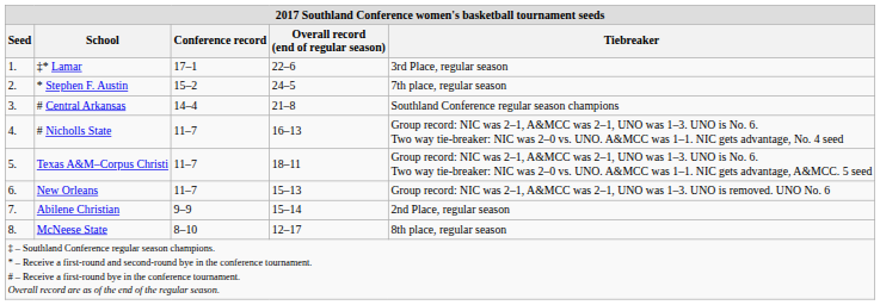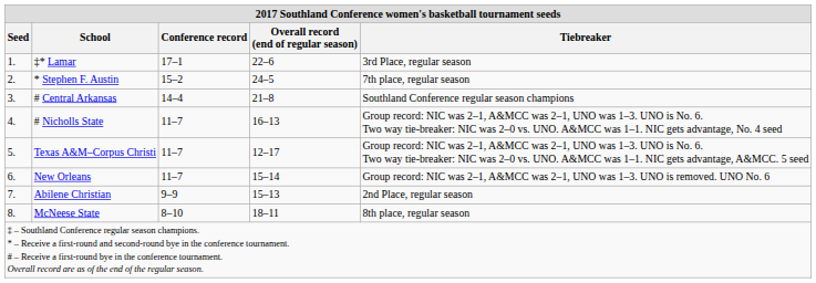 <table class="wikitable" style="white-space:nowrap; font-size:90%;">
 <tr>
 <td colspan="7" style="text-align:center; background:#DDDDDD; font:#000000"><strong>2017 Southland Conference women's basketball tournament seeds</strong></td>
 </tr>
 <tr bgcolor="#efefef">
 <th>Seed</th>
 <th>School</th>
 <th>Conference record</th>
 <th>Overall record <br>(end of regular season)</th>
 <th>Tiebreaker</th>
 </tr>
 <tr>
 <td>1.</td>
 <td>‡* <a href='#'>Lamar</a></td>
 <td>17–1</td>
 <td>22–6</td>
 <td>3rd Place, regular season</td>
 </tr>
 <tr>
 <td>2.</td>
 <td>* <a href='#'>Stephen F. Austin</a></td>
 <td>15–2</td>
 <td>24–5</td>
 <td>7th place, regular season</td>
 </tr>
 <tr>
 <td>3.</td>
 <td># <a href='#'>Central Arkansas</a></td>
 <td>14–4</td>
 <td>21–8</td>
 <td>Southland Conference regular season champions</td>
 </tr>
 <tr>
 <td>4.</td>
 <td># <a href='#'>Nicholls State</a></td>
 <td>11–7</td>
 <td>16–13</td>
 <td>Group record:  NIC was 2–1, A&MCC was 2–1, UNO was 1–3. UNO is No. 6.<br>Two way tie-breaker: NIC was 2–0 vs. UNO. A&MCC was 1–1. NIC gets advantage, No. 4 seed</td>
 </tr>
 <tr>
 <td>5.</td>
 <td><a href='#'>Texas A&M–Corpus Christi</a></td>
 <td>11–7</td>
-<td>18–11</td>
+<td>12–17</td>
 <td>Group record:  NIC was 2–1, A&MCC was 2–1, UNO was 1–3. UNO is No. 6.<br>Two way tie-breaker: NIC was 2–0 vs. UNO. A&MCC was 1–1. NIC gets advantage, A&MCC. 5 seed</td>
 </tr>
 <tr>
 <td>6.</td>
 <td><a href='#'>New Orleans</a></td>
 <td>11–7</td>
-<td>15–13</td>
+<td>15–14</td>
 <td>Group record:  NIC was 2–1, A&MCC was 2–1, UNO was 1–3. UNO is removed. UNO No. 6</td>
 </tr>
 <tr>
 <td>7.</td>
 <td><a href='#'>Abilene Christian</a></td>
 <td>9–9</td>
-<td>15–14</td>
+<td>15–13</td>
 <td>2nd Place, regular season</td>
 </tr>
 <tr>
 <td>8.</td>
 <td><a href='#'>McNeese State</a></td>
 <td>8–10</td>
-<td>12–17</td>
+<td>18–11</td>
 <td>8th place, regular season</td>
 </tr>
 <tr>
 <td colspan=6 align=left><small>‡ – Southland Conference regular season champions.<br>* – Receive a first-round and second-round bye in the conference tournament.<br># – Receive a first-round bye in the conference tournament. <br><em>Overall record are as of the end of the regular season</em>.</small></td>
 </tr>
 </table>
